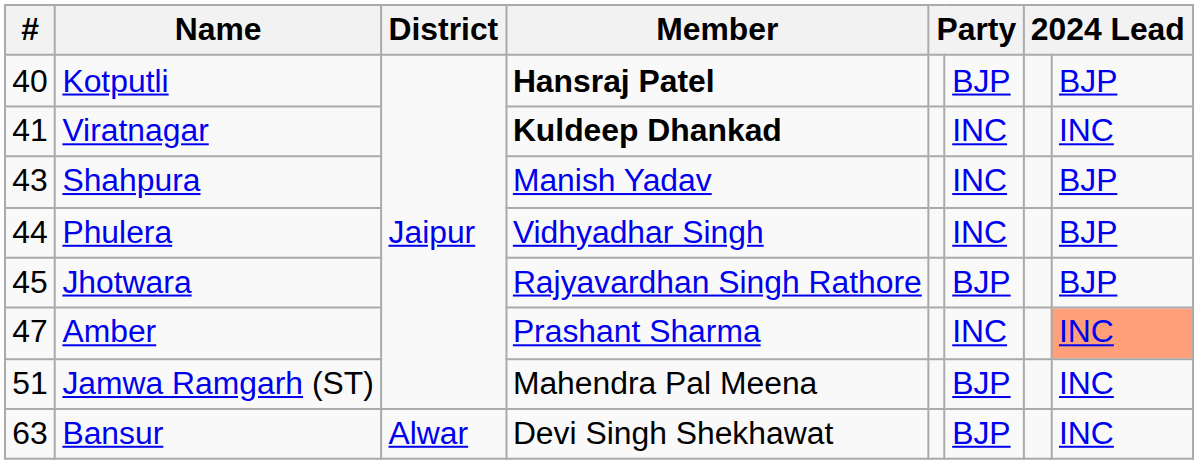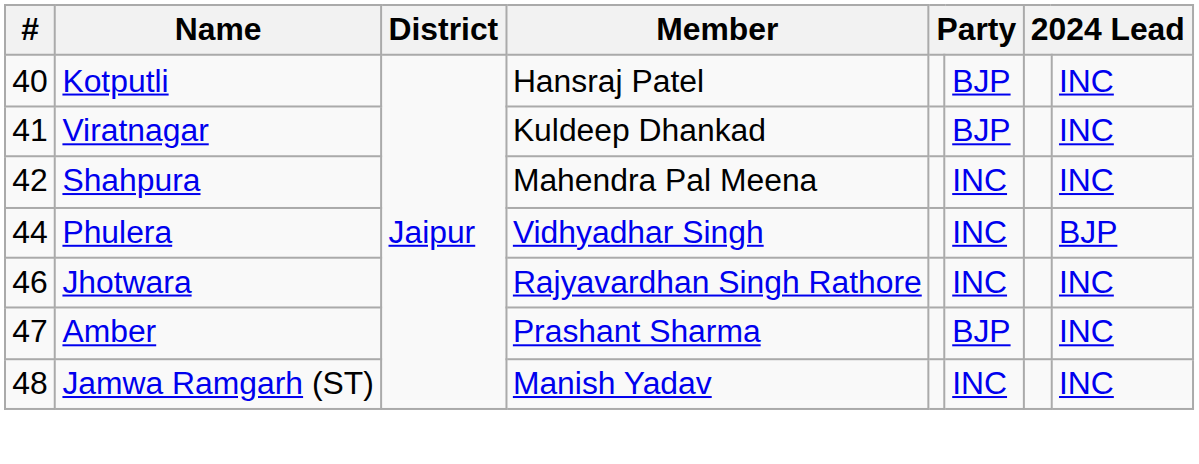 <table class="wikitable">
 <tr>
 <th>#</th>
 <th>Name</th>
 <th>District</th>
 <th>Member</th>
 <th colspan="2">Party</th>
 <th colspan="2">2024 Lead</th>
 </tr>
 <tr>
 <td>40</td>
 <td><a href='#'>Kotputli</a></td>
 <td rowspan="7"><a href='#'>Jaipur</a></td>
-<td><strong>Hansraj Patel</strong></td>
+<td>Hansraj Patel</td>
 <td style="background-color: "></td>
 <td><a href='#'>BJP</a></td>
 <td style="background-color: "></td>
-<td><a href='#'>BJP</a></td>
+<td><a href='#'>INC</a></td>
 </tr>
 <tr>
 <td>41</td>
 <td><a href='#'>Viratnagar</a></td>
-<td><strong>Kuldeep Dhankad</strong></td>
+<td>Kuldeep Dhankad</td>
+<td style="background-color: "></td>
+<td><a href='#'>BJP</a></td>
+<td style="background-color: "></td>
+<td><a href='#'>INC</a></td>
+</tr>
+<tr>
+<td>42</td>
+<td><a href='#'>Shahpura</a></td>
+<td>Mahendra Pal Meena</td>
 <td style="background-color: "></td>
 <td><a href='#'>INC</a></td>
 <td style="background-color: "></td>
 <td><a href='#'>INC</a></td>
-</tr>
-<tr>
-<td>43</td>
-<td><a href='#'>Shahpura</a></td>
-<td><a href='#'>Manish Yadav</a></td>
-<td style="background-color: "></td>
-<td><a href='#'>INC</a></td>
-<td style="background-color: "></td>
-<td><a href='#'>BJP</a></td>
 </tr>
 <tr>
 <td>44</td>
 <td><a href='#'>Phulera</a></td>
 <td><a href='#'>Vidhyadhar Singh</a></td>
 <td style="background-color: "></td>
 <td><a href='#'>INC</a></td>
 <td style="background-color: "></td>
 <td><a href='#'>BJP</a></td>
 </tr>
 <tr>
-<td>45</td>
+<td>46</td>
 <td><a href='#'>Jhotwara</a></td>
 <td><a href='#'>Rajyavardhan Singh Rathore</a></td>
 <td style="background-color: "></td>
-<td><a href='#'>BJP</a></td>
+<td><a href='#'>INC</a></td>
 <td style="background-color: "></td>
-<td><a href='#'>BJP</a></td>
+<td><a href='#'>INC</a></td>
 </tr>
 <tr>
 <td>47</td>
 <td><a href='#'>Amber</a></td>
 <td><a href='#'>Prashant Sharma</a></td>
 <td style="background-color: "></td>
-<td><a href='#'>INC</a></td>
-<td style="background-color: "></td>
-<td style="background: lightsalmon;"><a href='#'>INC</a></td>
-</tr>
-<tr>
-<td>51</td>
-<td><a href='#'>Jamwa Ramgarh</a> (ST)</td>
-<td>Mahendra Pal Meena</td>
-<td style="background-color: "></td>
 <td><a href='#'>BJP</a></td>
 <td style="background-color: "></td>
 <td><a href='#'>INC</a></td>
 </tr>
 <tr>
-<td>63</td>
-<td><a href='#'>Bansur</a></td>
-<td><a href='#'>Alwar</a></td>
-<td>Devi Singh Shekhawat</td>
+<td>48</td>
+<td><a href='#'>Jamwa Ramgarh</a> (ST)</td>
+<td><a href='#'>Manish Yadav</a></td>
 <td style="background-color: "></td>
-<td><a href='#'>BJP</a></td>
+<td><a href='#'>INC</a></td>
 <td style="background-color: "></td>
 <td><a href='#'>INC</a></td>
 </tr>
 </table>
